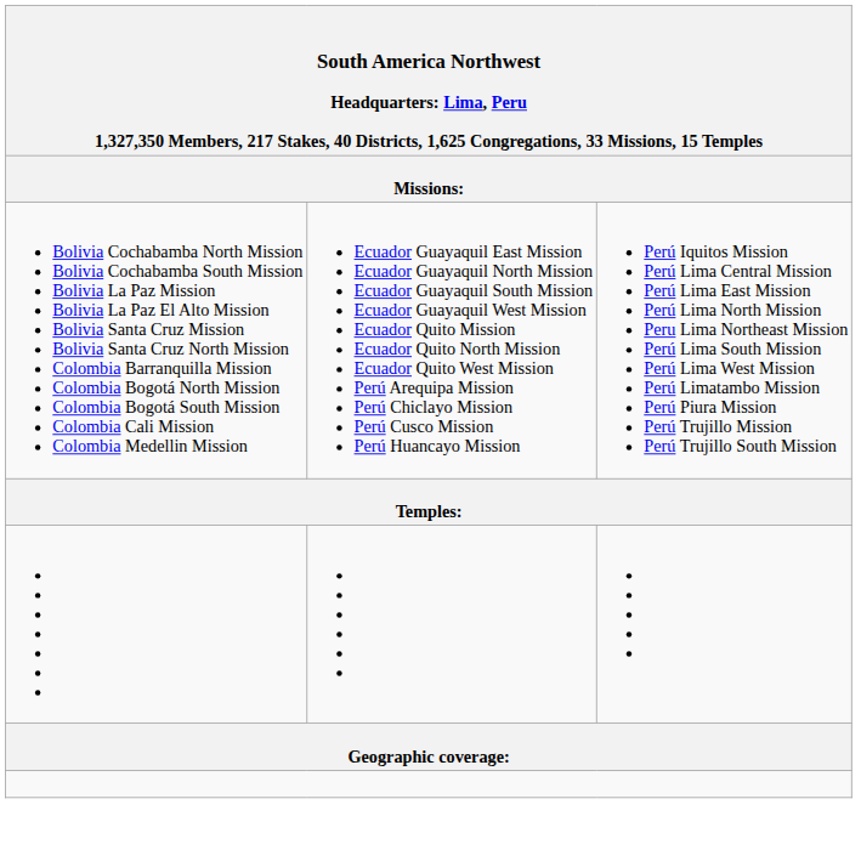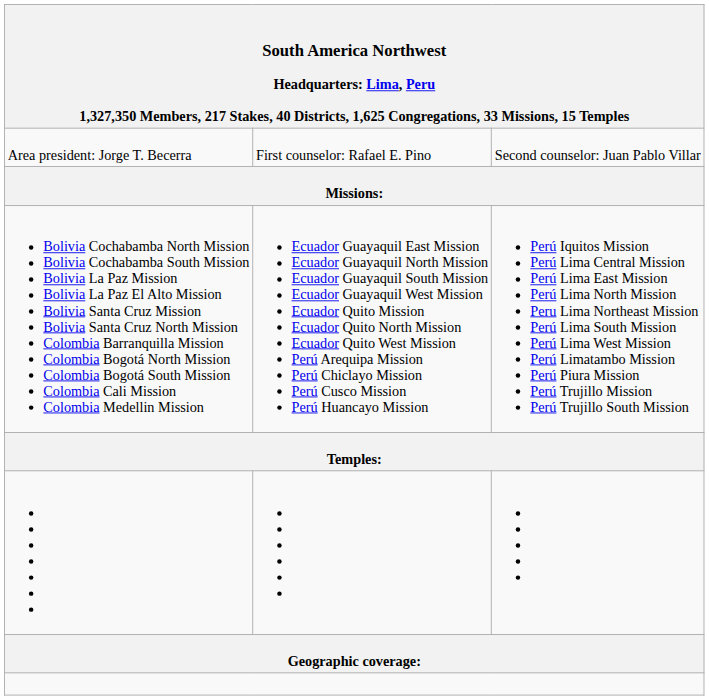 <table class=wikitable>
 <tr>
 <th colspan=3><br><h3>South America Northwest</h3>Headquarters:  <a href='#'>Lima</a>, <a href='#'>Peru</a><br><br>1,327,350 Members, 217 Stakes, 40 Districts, 1,625 Congregations, 33 Missions, 15 Temples</th>
+</tr>
+<tr>
+<td style="vertical-align:top"><br>Area president: Jorge T. Becerra</td>
+<td style="vertical-align:top"><br>First counselor: Rafael E. Pino</td>
+<td style="vertical-align:top"><br>Second counselor: Juan Pablo Villar</td>
 </tr>
 <tr>
 <th colspan=3><br>Missions:</th>
 </tr>
 <tr>
 <td style="vertical-align:top"><br><ul><li><a href='#'>Bolivia</a> Cochabamba North Mission</li><li><a href='#'>Bolivia</a> Cochabamba South Mission</li><li><a href='#'>Bolivia</a> La Paz Mission</li><li><a href='#'>Bolivia</a> La Paz El Alto Mission</li><li><a href='#'>Bolivia</a> Santa Cruz Mission</li><li><a href='#'>Bolivia</a> Santa Cruz North Mission</li><li><a href='#'>Colombia</a> Barranquilla Mission</li><li><a href='#'>Colombia</a> Bogotá North Mission</li><li><a href='#'>Colombia</a> Bogotá South Mission</li><li><a href='#'>Colombia</a> Cali Mission</li><li><a href='#'>Colombia</a> Medellin Mission</li></ul></td>
 <td style="vertical-align:top"><br><ul><li><a href='#'>Ecuador</a> Guayaquil East Mission</li><li><a href='#'>Ecuador</a> Guayaquil North Mission</li><li><a href='#'>Ecuador</a> Guayaquil South Mission</li><li><a href='#'>Ecuador</a> Guayaquil West Mission</li><li><a href='#'>Ecuador</a> Quito Mission</li><li><a href='#'>Ecuador</a> Quito North Mission</li><li><a href='#'>Ecuador</a> Quito West Mission</li><li><a href='#'>Perú</a> Arequipa Mission</li><li><a href='#'>Perú</a> Chiclayo Mission</li><li><a href='#'>Perú</a> Cusco Mission</li><li><a href='#'>Perú</a> Huancayo Mission</li></ul></td>
 <td style="vertical-align:top"><br><ul><li><a href='#'>Perú</a> Iquitos Mission</li><li><a href='#'>Perú</a> Lima Central Mission</li><li><a href='#'>Perú</a> Lima East Mission</li><li><a href='#'>Perú</a> Lima North Mission</li><li><a href='#'>Peru</a> Lima Northeast Mission</li><li><a href='#'>Perú</a> Lima South Mission</li><li><a href='#'>Perú</a> Lima West Mission</li><li><a href='#'>Perú</a> Limatambo Mission</li><li><a href='#'>Perú</a> Piura Mission</li><li><a href='#'>Perú</a> Trujillo Mission</li><li><a href='#'>Perú</a> Trujillo South Mission</li></ul></td>
 </tr>
 <tr>
 <th colspan=3><br>Temples:</th>
 </tr>
 <tr>
 <td style="vertical-align:top"><br><ul><li></li><li></li><li></li><li></li><li></li><li></li><li></li></ul></td>
 <td style="vertical-align:top"><br><ul><li></li><li></li><li></li><li></li><li></li><li></li></ul></td>
 <td style="vertical-align:top"><br><ul><li></li><li></li><li></li><li></li><li></li></ul></td>
 </tr>
 <tr>
 <th colspan=3><br>Geographic coverage:</th>
 </tr>
 <tr>
 <td style="vertical-align:top" colspan=3><br></td>
 </tr>
 </table>
